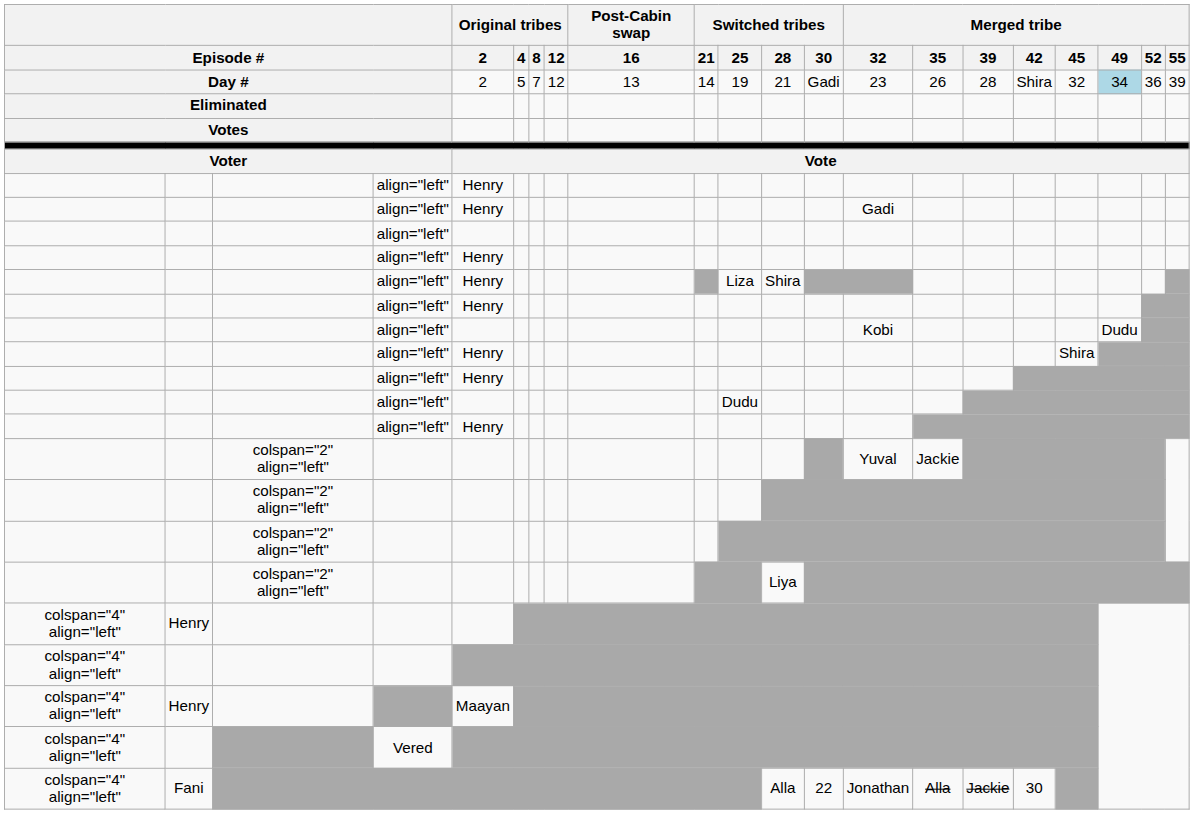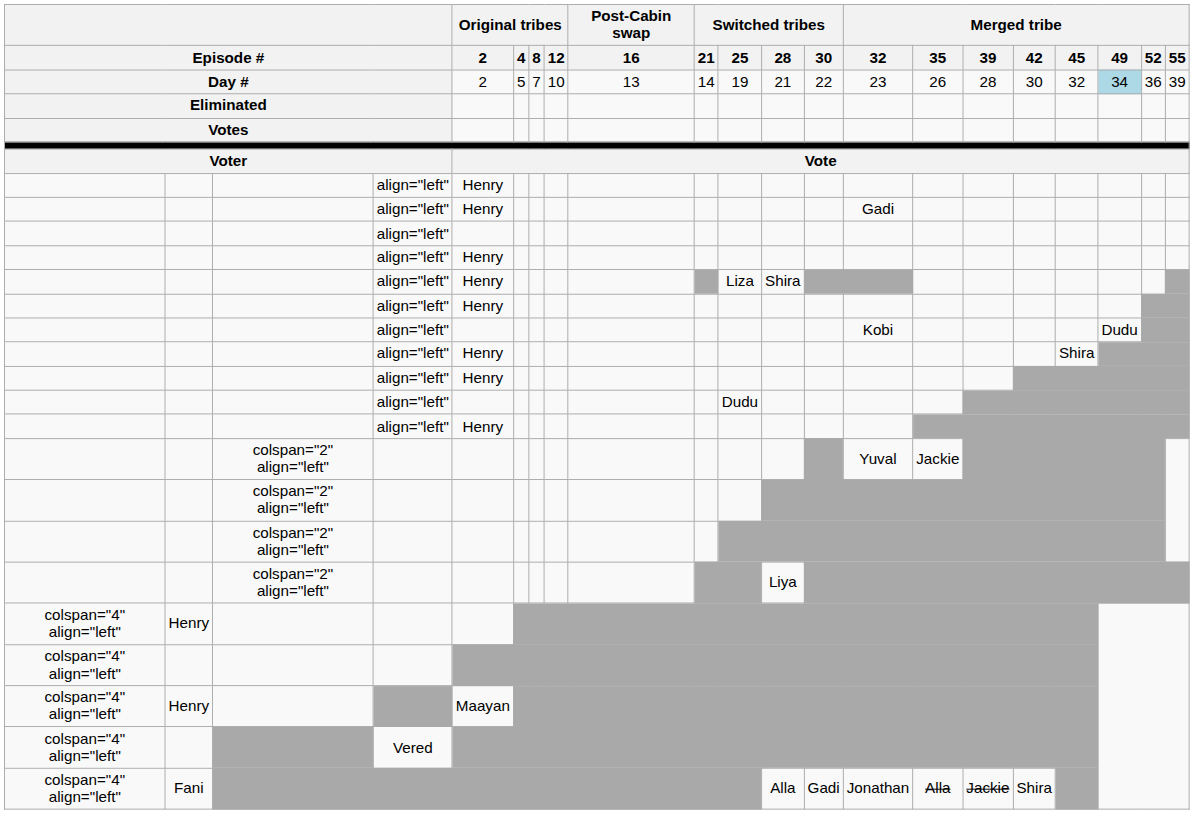 <table class="wikitable nowrap" style="text-align:center;">
 <tr>
 <th colspan="4"></th>
 <th colspan="4">Original tribes</th>
 <th>Post-Cabin swap</th>
 <th colspan="4">Switched tribes</th>
 <th colspan="8">Merged tribe</th>
 </tr>
 <tr>
 <th colspan="4">Episode #</th>
 <th>2</th>
 <th>4</th>
 <th>8</th>
 <th>12</th>
 <th>16</th>
 <th>21</th>
 <th>25</th>
 <th>28</th>
 <th>30</th>
 <th>32</th>
 <th>35</th>
 <th>39</th>
 <th>42</th>
 <th>45</th>
 <th>49</th>
 <th>52</th>
 <th>55</th>
 </tr>
 <tr>
 <th colspan="4">Day #</th>
 <td>2</td>
 <td>5</td>
 <td>7</td>
-<td>12</td>
+<td>10</td>
 <td>13</td>
 <td>14</td>
 <td>19</td>
 <td>21</td>
-<td><span>Gadi</span></td>
+<td>22</td>
 <td>23</td>
 <td>26</td>
 <td>28</td>
-<td><span>Shira</span></td>
+<td>30</td>
 <td>32</td>
 <td style="background: lightblue;">34</td>
 <td>36</td>
 <td>39</td>
 </tr>
 <tr>
 <th colspan="4">Eliminated</th>
 <td></td>
 <td></td>
 <td></td>
 <td></td>
 <td></td>
 <td></td>
 <td></td>
 <td></td>
 <td></td>
 <td></td>
 <td></td>
 <td></td>
 <td></td>
 <td></td>
 <td></td>
 <td></td>
 <td></td>
 </tr>
 <tr>
 <th colspan="4">Votes</th>
 <td></td>
 <td></td>
 <td></td>
 <td></td>
 <td></td>
 <td></td>
 <td></td>
 <td></td>
 <td></td>
 <td></td>
 <td></td>
 <td></td>
 <td></td>
 <td></td>
 <td></td>
 <td></td>
 <td></td>
 </tr>
 <tr>
 <td colspan="21" bgcolor="black"></td>
 </tr>
 <tr>
 <th colspan="4">Voter</th>
 <th colspan="17">Vote</th>
 </tr>
 <tr>
 <td></td>
 <td></td>
 <td></td>
 <td>align="left" </td>
 <td><span>Henry</span></td>
 <td></td>
 <td></td>
 <td></td>
 <td></td>
 <td></td>
 <td></td>
 <td></td>
 <td></td>
 <td></td>
 <td></td>
 <td></td>
 <td></td>
 <td></td>
 <td></td>
 <td></td>
 <td></td>
 </tr>
 <tr>
 <td></td>
 <td></td>
 <td></td>
 <td>align="left" </td>
 <td><span>Henry</span></td>
 <td></td>
 <td></td>
 <td></td>
 <td></td>
 <td></td>
 <td></td>
 <td></td>
 <td></td>
 <td><span>Gadi</span></td>
 <td></td>
 <td></td>
 <td></td>
 <td></td>
 <td></td>
 <td></td>
 <td></td>
 </tr>
 <tr>
 <td></td>
 <td></td>
 <td></td>
 <td>align="left" </td>
 <td></td>
 <td></td>
 <td></td>
 <td></td>
 <td></td>
 <td></td>
 <td></td>
 <td></td>
 <td></td>
 <td></td>
 <td></td>
 <td></td>
 <td></td>
 <td></td>
 <td></td>
 <td></td>
 <td></td>
 </tr>
 <tr>
 <td></td>
 <td></td>
 <td></td>
 <td>align="left" </td>
 <td><span>Henry</span></td>
 <td></td>
 <td></td>
 <td></td>
 <td></td>
 <td></td>
 <td></td>
 <td></td>
 <td></td>
 <td></td>
 <td></td>
 <td></td>
 <td></td>
 <td></td>
 <td></td>
 <td></td>
 <td></td>
 </tr>
 <tr>
 <td></td>
 <td></td>
 <td></td>
 <td>align="left" </td>
 <td><span>Henry</span></td>
 <td></td>
 <td></td>
 <td></td>
 <td></td>
 <td style="background:darkgrey;"></td>
 <td><span>Liza</span></td>
 <td><span>Shira</span></td>
 <td colspan="2" style="background:darkgrey;"></td>
 <td></td>
 <td></td>
 <td></td>
 <td></td>
 <td></td>
 <td></td>
 <td colspan="2" style="background:darkgrey;"></td>
 </tr>
 <tr>
 <td></td>
 <td></td>
 <td></td>
 <td>align="left" </td>
 <td><span>Henry</span></td>
 <td></td>
 <td></td>
 <td></td>
 <td></td>
 <td></td>
 <td></td>
 <td></td>
 <td></td>
 <td></td>
 <td></td>
 <td></td>
 <td></td>
 <td></td>
 <td></td>
 <td colspan="2" style="background:darkgrey;"></td>
 </tr>
 <tr>
 <td></td>
 <td></td>
 <td></td>
 <td>align="left" </td>
 <td></td>
 <td></td>
 <td></td>
 <td></td>
 <td></td>
 <td></td>
 <td></td>
 <td></td>
 <td></td>
 <td><span>Kobi</span></td>
 <td></td>
 <td></td>
 <td></td>
 <td></td>
 <td><span>Dudu</span></td>
 <td colspan="2" style="background:darkgrey;"></td>
 </tr>
 <tr>
 <td></td>
 <td></td>
 <td></td>
 <td>align="left" </td>
 <td><span>Henry</span></td>
 <td></td>
 <td></td>
 <td></td>
 <td></td>
 <td></td>
 <td></td>
 <td></td>
 <td></td>
 <td></td>
 <td></td>
 <td></td>
 <td></td>
 <td><span>Shira</span></td>
 <td colspan="3" style="background:darkgrey;"></td>
 </tr>
 <tr>
 <td></td>
 <td></td>
 <td></td>
 <td>align="left" </td>
 <td><span>Henry</span></td>
 <td></td>
 <td></td>
 <td></td>
 <td></td>
 <td></td>
 <td></td>
 <td></td>
 <td></td>
 <td></td>
 <td></td>
 <td></td>
 <td colspan="5" style="background:darkgrey;"></td>
 </tr>
 <tr>
 <td></td>
 <td></td>
 <td></td>
 <td>align="left" </td>
 <td></td>
 <td></td>
 <td></td>
 <td></td>
 <td></td>
 <td></td>
 <td><span>Dudu</span></td>
 <td></td>
 <td></td>
 <td></td>
 <td></td>
 <td colspan="9" style="background:darkgrey;"></td>
 </tr>
 <tr>
 <td></td>
 <td></td>
 <td></td>
 <td>align="left" </td>
 <td><span>Henry</span></td>
 <td></td>
 <td></td>
 <td></td>
 <td></td>
 <td></td>
 <td></td>
 <td></td>
 <td></td>
 <td></td>
 <td colspan="7" style="background:darkgrey;"></td>
 </tr>
 <tr>
 <td></td>
 <td></td>
 <td>colspan="2" align="left" </td>
 <td></td>
 <td></td>
 <td></td>
 <td></td>
 <td></td>
 <td></td>
 <td></td>
 <td></td>
 <td></td>
 <td style="background:darkgrey;"></td>
 <td><span>Yuval</span></td>
 <td><span>Jackie</span></td>
 <td colspan="5" style="background:darkgrey;"></td>
 </tr>
 <tr>
 <td></td>
 <td></td>
 <td>colspan="2" align="left" </td>
 <td></td>
 <td></td>
 <td></td>
 <td></td>
 <td></td>
 <td></td>
 <td></td>
 <td></td>
 <td colspan="9" style="background:darkgrey;"></td>
 </tr>
 <tr>
 <td></td>
 <td></td>
 <td>colspan="2" align="left" </td>
 <td></td>
 <td></td>
 <td></td>
 <td></td>
 <td></td>
 <td></td>
 <td></td>
 <td colspan="10" style="background:darkgrey;"></td>
 </tr>
 <tr>
 <td></td>
 <td></td>
 <td>colspan="2" align="left" </td>
 <td></td>
 <td></td>
 <td></td>
 <td></td>
 <td></td>
 <td></td>
 <td colspan="2" style="background:darkgrey;"></td>
 <td><span>Liya</span></td>
 <td colspan="9" style="background:darkgrey;"></td>
 </tr>
 <tr>
 <td>colspan="4" align="left" </td>
 <td><span>Henry</span></td>
 <td></td>
 <td></td>
 <td></td>
 <td colspan="13" style="background:darkgrey;"></td>
 </tr>
 <tr>
 <td>colspan="4"  align="left" </td>
 <td></td>
 <td></td>
 <td></td>
 <td colspan="14" style="background:darkgrey;"></td>
 </tr>
 <tr>
 <td>colspan="4" align="left" </td>
 <td><span>Henry</span></td>
 <td></td>
 <td colspan="1" style="background:darkgrey;"></td>
 <td><span>Maayan</span></td>
 <td colspan="13" style="background:darkgrey;"></td>
 </tr>
 <tr>
 <td>colspan="4" align="left" </td>
 <td></td>
 <td colspan="1" style="background:darkgrey;"></td>
 <td><span>Vered</span></td>
 <td colspan="14" style="background:darkgrey;"></td>
 </tr>
 <tr>
 <td>colspan="4" align="left" </td>
 <td><span>Fani</span></td>
 <td colspan="9" style="background:darkgrey;"></td>
 <td><span>Alla</span></td>
-<td>22</td>
+<td><span>Gadi</span></td>
 <td><span>Jonathan</span></td>
 <td><span><s>Alla</s></span></td>
 <td><span><s>Jackie</s></span></td>
-<td>30</td>
+<td><span>Shira</span></td>
 <td style="background:darkgrey;"></td>
 </tr>
 </table>
